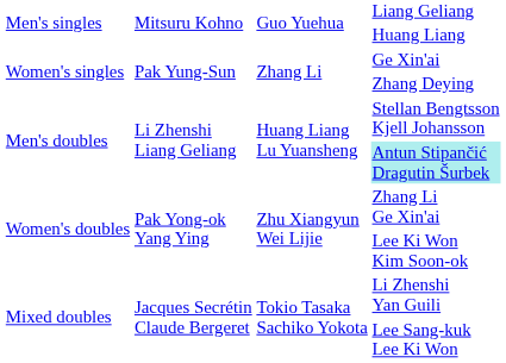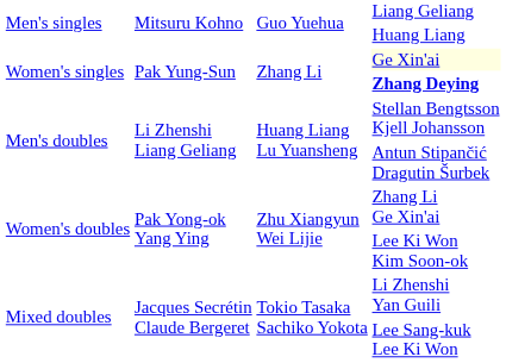 <table>
 <tr>
 <td rowspan=2><a href='#'>Men's singles</a></td>
 <td rowspan=2> <a href='#'>Mitsuru Kohno</a></td>
 <td rowspan=2> <a href='#'>Guo Yuehua</a></td>
 <td> <a href='#'>Liang Geliang</a></td>
 </tr>
 <tr>
 <td> <a href='#'>Huang Liang</a></td>
 </tr>
 <tr>
 <td rowspan=2><a href='#'>Women's singles</a></td>
 <td rowspan=2> <a href='#'>Pak Yung-Sun</a></td>
 <td rowspan=2> <a href='#'>Zhang Li</a></td>
-<td> <a href='#'>Ge Xin'ai</a></td>
+<td style="background: lightyellow;"> <a href='#'>Ge Xin'ai</a></td>
 </tr>
 <tr>
-<td> <a href='#'>Zhang Deying</a></td>
+<td><strong> <a href='#'>Zhang Deying</a></strong></td>
 </tr>
 <tr>
 <td rowspan=2><a href='#'>Men's doubles</a></td>
 <td rowspan=2> <a href='#'>Li Zhenshi</a><br> <a href='#'>Liang Geliang</a></td>
 <td rowspan=2> <a href='#'>Huang Liang</a><br> <a href='#'>Lu Yuansheng</a></td>
 <td> <a href='#'>Stellan Bengtsson</a><br> <a href='#'>Kjell Johansson</a></td>
 </tr>
 <tr>
-<td style="background: paleturquoise;"> <a href='#'>Antun Stipančić</a><br> <a href='#'>Dragutin Šurbek</a></td>
+<td> <a href='#'>Antun Stipančić</a><br> <a href='#'>Dragutin Šurbek</a></td>
 </tr>
 <tr>
 <td rowspan=2><a href='#'>Women's doubles</a></td>
 <td rowspan=2> <a href='#'>Pak Yong-ok</a><br> <a href='#'>Yang Ying</a></td>
 <td rowspan=2> <a href='#'>Zhu Xiangyun</a><br> <a href='#'>Wei Lijie</a></td>
 <td> <a href='#'>Zhang Li</a><br> <a href='#'>Ge Xin'ai</a></td>
 </tr>
 <tr>
 <td> <a href='#'>Lee Ki Won</a><br> <a href='#'>Kim Soon-ok</a></td>
 </tr>
 <tr>
 <td rowspan=2><a href='#'>Mixed doubles</a></td>
 <td rowspan=2> <a href='#'>Jacques Secrétin</a><br> <a href='#'>Claude Bergeret</a></td>
 <td rowspan=2> <a href='#'>Tokio Tasaka</a><br> <a href='#'>Sachiko Yokota</a></td>
 <td> <a href='#'>Li Zhenshi</a><br> <a href='#'>Yan Guili</a></td>
 </tr>
 <tr>
 <td> <a href='#'>Lee Sang-kuk</a><br> <a href='#'>Lee Ki Won</a></td>
 </tr>
 </table>
